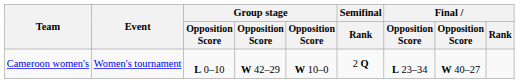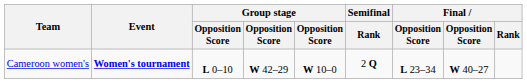 <table class=wikitable style=font-size:90%;text-align:center>
 <tr>
 <th rowspan=2>Team</th>
 <th rowspan=2>Event</th>
 <th colspan=3>Group stage</th>
 <th>Semifinal</th>
 <th colspan=3>Final / </th>
 </tr>
 <tr style=font-size:95%>
 <th>Opposition<br>Score</th>
 <th>Opposition<br>Score</th>
 <th>Opposition<br>Score</th>
 <th>Rank</th>
 <th>Opposition<br>Score</th>
 <th>Opposition<br>Score</th>
 <th>Rank</th>
 </tr>
 <tr>
 <td align=left><a href='#'>Cameroon women's</a></td>
-<td align=left><a href='#'>Women's tournament</a></td>
+<td align=left><strong><a href='#'>Women's tournament</a></strong></td>
 <td><br><strong>L</strong> 0–10</td>
 <td><br><strong>W</strong> 42–29</td>
 <td><br><strong>W</strong> 10–0</td>
 <td>2 <strong>Q</strong></td>
 <td><br><strong>L</strong> 23–34</td>
 <td><br><strong>W</strong> 40–27</td>
 <td></td>
 </tr>
 </table>
